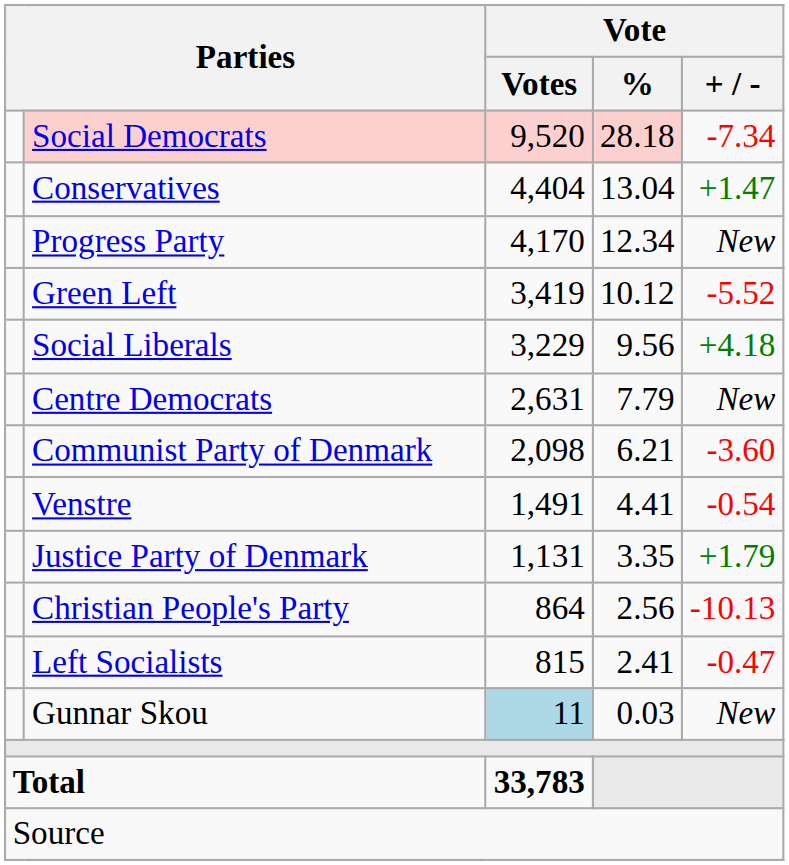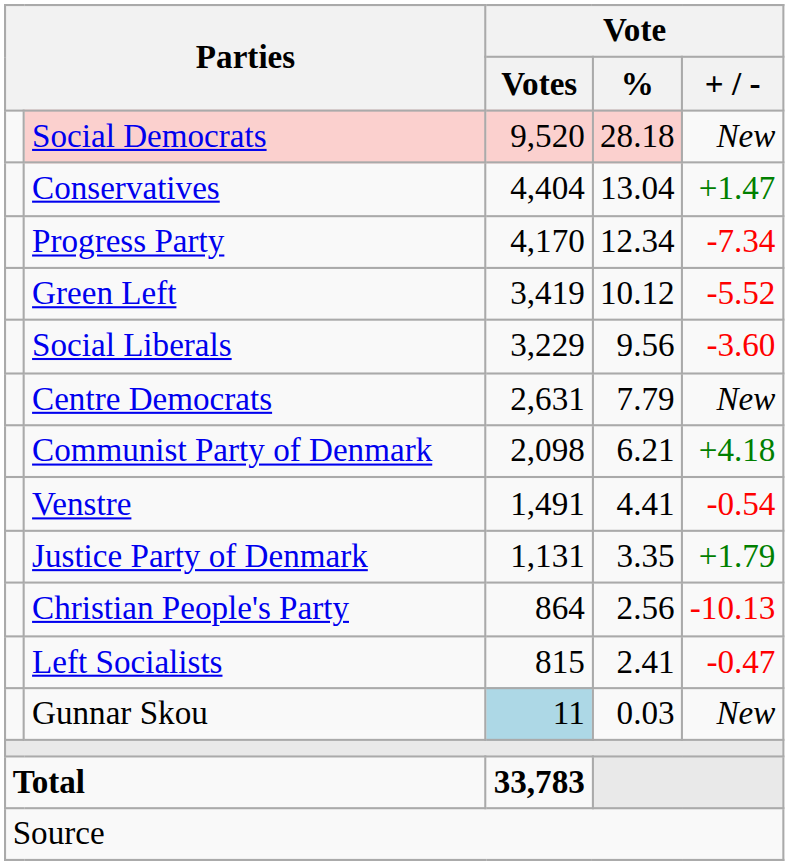 <table class="wikitable" style="text-align:right;">
 <tr>
 <th style="text-align:centre;" rowspan="2" colspan="2" width="225">Parties</th>
 <th colspan="3">Vote</th>
 </tr>
 <tr>
 <th width="15">Votes</th>
 <th width="15">%</th>
 <th width="15">+ / -</th>
 </tr>
 <tr>
 <td width="2" style="color:inherit;background:"></td>
 <td bgcolor=#fbd0ce  align="left"><a href='#'>Social Democrats</a></td>
 <td bgcolor=#fbd0ce>9,520</td>
 <td bgcolor=#fbd0ce>28.18</td>
-<td style=color:red;>-7.34</td>
+<td><em>New</em></td>
 </tr>
 <tr>
 <td width="2" style="color:inherit;background:"></td>
 <td align="left"><a href='#'>Conservatives</a></td>
 <td>4,404</td>
 <td>13.04</td>
 <td style=color:green;>+1.47</td>
 </tr>
 <tr>
 <td width="2" style="color:inherit;background:"></td>
 <td align="left"><a href='#'>Progress Party</a></td>
 <td>4,170</td>
 <td>12.34</td>
-<td><em>New</em></td>
+<td style=color:red;>-7.34</td>
 </tr>
 <tr>
 <td width="2" style="color:inherit;background:"></td>
 <td align="left"><a href='#'>Green Left</a></td>
 <td>3,419</td>
 <td>10.12</td>
 <td style=color:red;>-5.52</td>
 </tr>
 <tr>
 <td width="2" style="color:inherit;background:"></td>
 <td align="left"><a href='#'>Social Liberals</a></td>
 <td>3,229</td>
 <td>9.56</td>
-<td style=color:green;>+4.18</td>
+<td style=color:red;>-3.60</td>
 </tr>
 <tr>
 <td width="2" style="color:inherit;background:"></td>
 <td align="left"><a href='#'>Centre Democrats</a></td>
 <td>2,631</td>
 <td>7.79</td>
 <td><em>New</em></td>
 </tr>
 <tr>
 <td width="2" style="color:inherit;background:"></td>
 <td align="left"><a href='#'>Communist Party of Denmark</a></td>
 <td>2,098</td>
 <td>6.21</td>
-<td style=color:red;>-3.60</td>
+<td style=color:green;>+4.18</td>
 </tr>
 <tr>
 <td width="2" style="color:inherit;background:"></td>
 <td align="left"><a href='#'>Venstre</a></td>
 <td>1,491</td>
 <td>4.41</td>
 <td style=color:red;>-0.54</td>
 </tr>
 <tr>
 <td width="2" style="color:inherit;background:"></td>
 <td align="left"><a href='#'>Justice Party of Denmark</a></td>
 <td>1,131</td>
 <td>3.35</td>
 <td style=color:green;>+1.79</td>
 </tr>
 <tr>
 <td width="2" style="color:inherit;background:"></td>
 <td align="left"><a href='#'>Christian People's Party</a></td>
 <td>864</td>
 <td>2.56</td>
 <td style=color:red;>-10.13</td>
 </tr>
 <tr>
 <td width="2" style="color:inherit;background:"></td>
 <td align="left"><a href='#'>Left Socialists</a></td>
 <td>815</td>
 <td>2.41</td>
 <td style=color:red;>-0.47</td>
 </tr>
 <tr>
 <td width="2" style="color:inherit;background:"></td>
 <td align="left">Gunnar Skou</td>
 <td style="background: lightblue;">11</td>
 <td>0.03</td>
 <td><em>New</em></td>
 </tr>
 <tr>
 <td colspan="7" bgcolor="#E9E9E9"></td>
 </tr>
 <tr>
 <td align="left" colspan="2"><strong>Total</strong></td>
 <td><strong>33,783</strong></td>
 <td bgcolor="#E9E9E9" colspan="2"></td>
 </tr>
 <tr>
 <td align="left" colspan="6">Source</td>
 </tr>
 </table>
